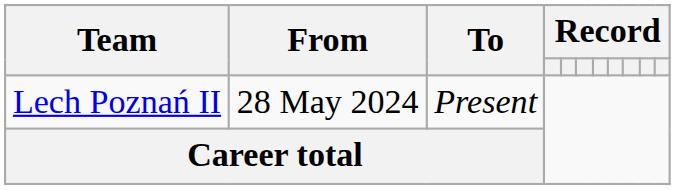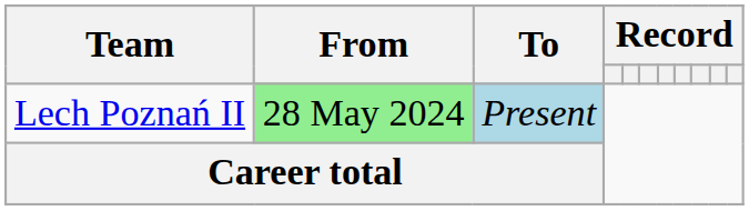 <table class="wikitable" style="text-align: center">
 <tr>
 <th rowspan="2">Team</th>
 <th rowspan="2">From</th>
 <th rowspan="2">To</th>
 <th colspan="8">Record</th>
 </tr>
 <tr>
 <th></th>
 <th></th>
 <th></th>
 <th></th>
 <th></th>
 <th></th>
 <th></th>
 <th></th>
 </tr>
 <tr>
 <td align=left><a href='#'>Lech Poznań II</a></td>
-<td align=left>28 May 2024</td>
-<td align=left><em>Present</em><br></td>
+<td align=left style="background: lightgreen;">28 May 2024</td>
+<td align=left style="background: lightblue;"><em>Present</em><br></td>
 </tr>
 <tr>
 <th colspan="3">Career total<br></th>
 </tr>
 </table>
